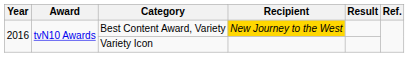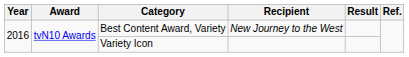 <table class=wikitable>
 <tr>
 <th>Year</th>
 <th>Award</th>
 <th>Category</th>
 <th>Recipient</th>
 <th>Result</th>
 <th>Ref.</th>
 </tr>
 <tr>
 <td rowspan=2>2016</td>
 <td rowspan=2><a href='#'>tvN10 Awards</a></td>
 <td>Best Content Award, Variety</td>
-<td style="background: gold;"><em>New Journey to the West</em></td>
+<td><em>New Journey to the West</em></td>
 <td></td>
 <td rowspan=2></td>
 </tr>
 <tr>
 <td>Variety Icon</td>
 <td></td>
 <td></td>
 </tr>
 </table>
